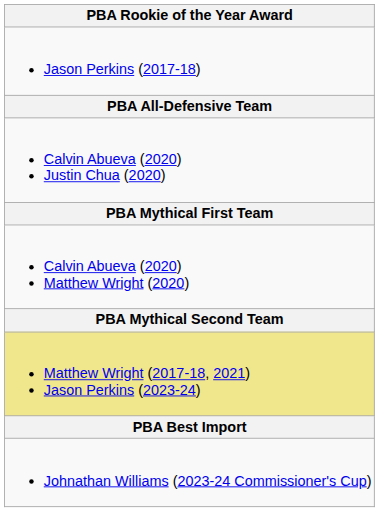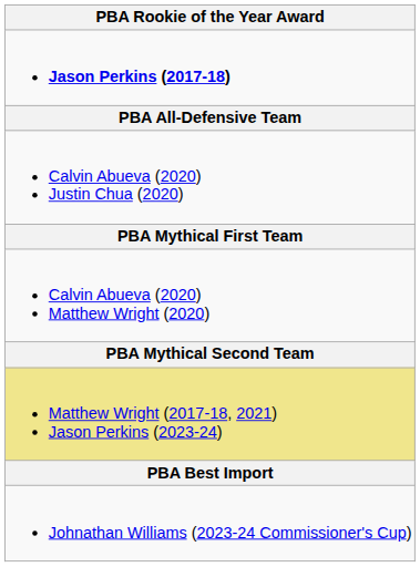 <table class=wikitable>
 <tr>
 <th>PBA Rookie of the Year Award</th>
 </tr>
 <tr>
-<td valign="top"><br><ul><li><a href='#'>Jason Perkins</a> (<a href='#'>2017-18</a>)</li></ul></td>
+<td valign="top"><strong><br><ul><li><a href='#'>Jason Perkins</a> (<a href='#'>2017-18</a>)</li></ul></strong></td>
 </tr>
 <tr>
 <th>PBA All-Defensive Team</th>
 </tr>
 <tr>
 <td valign="top"><br><ul><li><a href='#'>Calvin Abueva</a> (<a href='#'>2020</a>)</li><li><a href='#'>Justin Chua</a> (<a href='#'>2020</a>)</li></ul></td>
 </tr>
 <tr>
 <th>PBA Mythical First Team</th>
 </tr>
 <tr>
 <td valign="top"><br><ul><li><a href='#'>Calvin Abueva</a> (<a href='#'>2020</a>)</li><li><a href='#'>Matthew Wright</a> (<a href='#'>2020</a>)</li></ul></td>
 </tr>
 <tr>
 <th>PBA Mythical Second Team</th>
 </tr>
 <tr>
 <td valign="top" style="background: khaki;"><br><ul><li><a href='#'>Matthew Wright</a> (<a href='#'>2017-18</a>, <a href='#'>2021</a>)</li><li><a href='#'>Jason Perkins</a> (<a href='#'>2023-24</a>)</li></ul></td>
 </tr>
 <tr>
 <th>PBA Best Import</th>
 </tr>
 <tr>
 <td valign="top"><br><ul><li><a href='#'>Johnathan Williams</a> (<a href='#'>2023-24 Commissioner's Cup</a>)</li></ul></td>
 </tr>
 </table>
